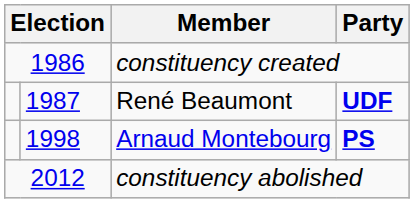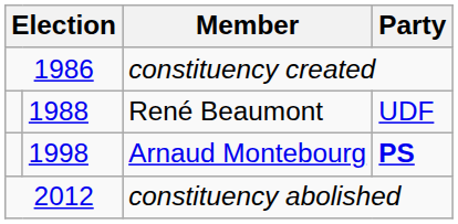 <table class="wikitable">
 <tr>
 <th colspan="2">Election</th>
 <th>Member</th>
 <th>Party</th>
 </tr>
 <tr>
 <td colspan="2" align="center"><a href='#'>1986</a></td>
 <td colspan="2"><em>constituency created</em></td>
 </tr>
 <tr>
 <td style="background-color:"></td>
-<td><a href='#'>1987</a></td>
+<td><a href='#'>1988</a></td>
 <td>René Beaumont</td>
-<td><strong><a href='#'>UDF</a></strong></td>
+<td><a href='#'>UDF</a></td>
 </tr>
 <tr>
 <td style="background-color:"></td>
 <td><a href='#'>1998</a></td>
 <td><a href='#'>Arnaud Montebourg</a></td>
 <td><strong><a href='#'>PS</a></strong></td>
 </tr>
 <tr>
 <td colspan="2" align="center"><a href='#'>2012</a></td>
 <td colspan="2"><em>constituency abolished</em></td>
 </tr>
 </table>
